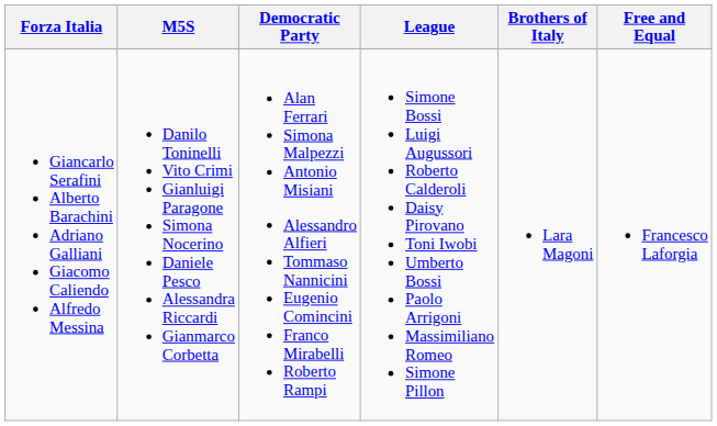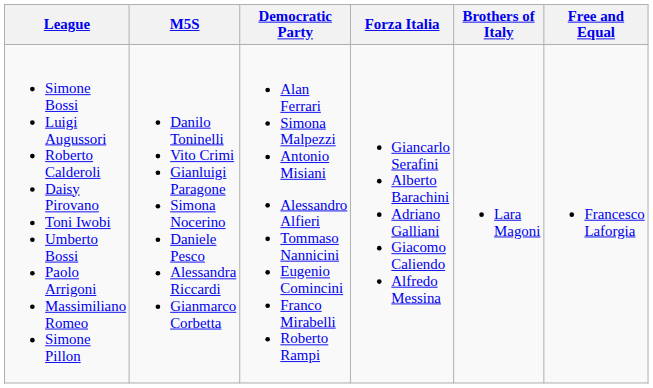 <table class=wikitable>
 <tr>
-<th><a href='#'>Forza Italia</a></th>
+<th><a href='#'>League</a></th>
 <th><a href='#'>M5S</a></th>
 <th><a href='#'>Democratic Party</a></th>
-<th><a href='#'>League</a></th>
+<th><a href='#'>Forza Italia</a></th>
 <th><a href='#'>Brothers of Italy</a></th>
 <th><a href='#'>Free and Equal</a></th>
 </tr>
 <tr>
-<td><br><ul><li><a href='#'>Giancarlo Serafini</a></li><li><a href='#'>Alberto Barachini</a></li><li><a href='#'>Adriano Galliani</a></li><li><a href='#'>Giacomo Caliendo</a></li><li><a href='#'>Alfredo Messina</a></li></ul></td>
+<td><br><ul><li><a href='#'>Simone Bossi</a></li><li><a href='#'>Luigi Augussori</a></li><li><a href='#'>Roberto Calderoli</a></li><li><a href='#'>Daisy Pirovano</a></li><li><a href='#'>Toni Iwobi</a></li><li><a href='#'>Umberto Bossi</a></li><li><a href='#'>Paolo Arrigoni</a></li><li><a href='#'>Massimiliano Romeo</a></li><li><a href='#'>Simone Pillon</a></li></ul></td>
 <td><br><ul><li><a href='#'>Danilo Toninelli</a></li><li><a href='#'>Vito Crimi</a></li><li><a href='#'>Gianluigi Paragone</a></li><li><a href='#'>Simona Nocerino</a></li><li><a href='#'>Daniele Pesco</a></li><li><a href='#'>Alessandra Riccardi</a></li><li><a href='#'>Gianmarco Corbetta</a></li></ul></td>
 <td><br><ul><li><a href='#'>Alan Ferrari</a></li><li><a href='#'>Simona Malpezzi</a></li><li><a href='#'>Antonio Misiani</a></li></ul><ul><li><a href='#'>Alessandro Alfieri</a></li><li><a href='#'>Tommaso Nannicini</a></li><li><a href='#'>Eugenio Comincini</a></li><li><a href='#'>Franco Mirabelli</a></li><li><a href='#'>Roberto Rampi</a></li></ul></td>
-<td><br><ul><li><a href='#'>Simone Bossi</a></li><li><a href='#'>Luigi Augussori</a></li><li><a href='#'>Roberto Calderoli</a></li><li><a href='#'>Daisy Pirovano</a></li><li><a href='#'>Toni Iwobi</a></li><li><a href='#'>Umberto Bossi</a></li><li><a href='#'>Paolo Arrigoni</a></li><li><a href='#'>Massimiliano Romeo</a></li><li><a href='#'>Simone Pillon</a></li></ul></td>
+<td><br><ul><li><a href='#'>Giancarlo Serafini</a></li><li><a href='#'>Alberto Barachini</a></li><li><a href='#'>Adriano Galliani</a></li><li><a href='#'>Giacomo Caliendo</a></li><li><a href='#'>Alfredo Messina</a></li></ul></td>
 <td><br><ul><li><a href='#'>Lara Magoni</a></li></ul></td>
 <td><br><ul><li><a href='#'>Francesco Laforgia</a></li></ul></td>
 </tr>
 </table>
